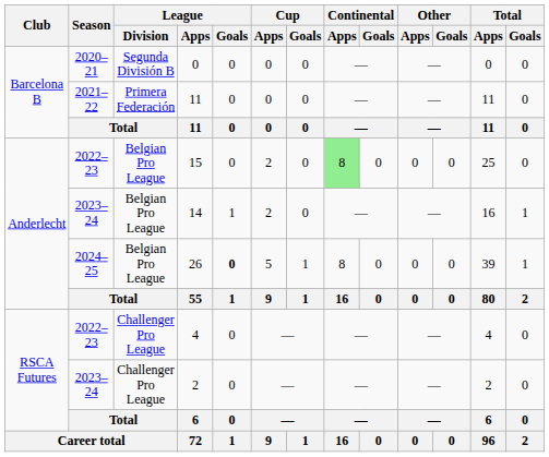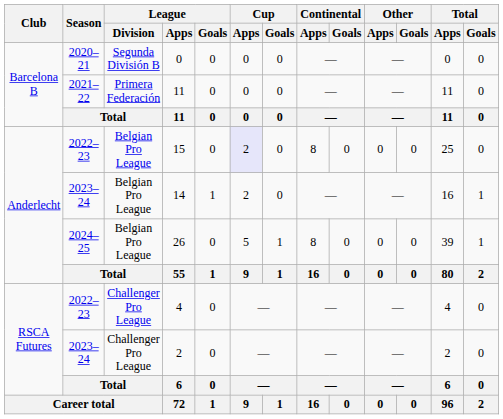 <table class="wikitable" style="text-align:center">
 <tr>
 <th rowspan="2">Club</th>
 <th rowspan="2">Season</th>
 <th colspan="3">League</th>
 <th colspan="2">Cup</th>
 <th colspan="2">Continental</th>
 <th colspan="2">Other</th>
 <th colspan="2">Total</th>
 </tr>
 <tr>
 <th>Division</th>
 <th>Apps</th>
 <th>Goals</th>
 <th>Apps</th>
 <th>Goals</th>
 <th>Apps</th>
 <th>Goals</th>
 <th>Apps</th>
 <th>Goals</th>
 <th>Apps</th>
 <th>Goals</th>
 </tr>
 <tr>
 <td rowspan="3"><a href='#'>Barcelona B</a></td>
 <td><a href='#'>2020–21</a></td>
 <td><a href='#'>Segunda División B</a></td>
 <td>0</td>
 <td>0</td>
 <td>0</td>
 <td>0</td>
 <td colspan="2">—</td>
 <td colspan="2">—</td>
 <td>0</td>
 <td>0</td>
 </tr>
 <tr>
 <td><a href='#'>2021–22</a></td>
 <td><a href='#'>Primera Federación</a></td>
 <td>11</td>
 <td>0</td>
 <td>0</td>
 <td>0</td>
 <td colspan="2">—</td>
 <td colspan="2">—</td>
 <td>11</td>
 <td>0</td>
 </tr>
 <tr>
 <th colspan="2">Total</th>
 <th>11</th>
 <th>0</th>
 <th>0</th>
 <th>0</th>
 <th colspan="2">—</th>
 <th colspan="2">—</th>
 <th>11</th>
 <th>0</th>
 </tr>
 <tr>
 <td rowspan="4"><a href='#'>Anderlecht</a></td>
 <td><a href='#'>2022–23</a></td>
 <td><a href='#'>Belgian Pro League</a></td>
 <td>15</td>
 <td>0</td>
-<td>2</td>
+<td style="background: lavender;">2</td>
 <td>0</td>
-<td style="background: lightgreen;">8</td>
+<td>8</td>
 <td>0</td>
 <td>0</td>
 <td>0</td>
 <td>25</td>
 <td>0</td>
 </tr>
 <tr>
 <td><a href='#'>2023–24</a></td>
 <td>Belgian Pro League</td>
 <td>14</td>
 <td>1</td>
 <td>2</td>
 <td>0</td>
 <td colspan="2">—</td>
 <td colspan="2">—</td>
 <td>16</td>
 <td>1</td>
 </tr>
 <tr>
 <td><a href='#'>2024–25</a></td>
 <td>Belgian Pro League</td>
 <td>26</td>
-<td><strong>0</strong></td>
+<td>0</td>
 <td>5</td>
 <td>1</td>
 <td>8</td>
 <td>0</td>
 <td>0</td>
 <td>0</td>
 <td>39</td>
 <td>1</td>
 </tr>
 <tr>
 <th colspan="2">Total</th>
 <th>55</th>
 <th>1</th>
 <th>9</th>
 <th>1</th>
 <th>16</th>
 <th>0</th>
 <th>0</th>
 <th>0</th>
 <th>80</th>
 <th>2</th>
 </tr>
 <tr>
 <td rowspan="3"><a href='#'>RSCA Futures</a></td>
 <td><a href='#'>2022–23</a></td>
 <td><a href='#'>Challenger Pro League</a></td>
 <td>4</td>
 <td>0</td>
 <td colspan="2">—</td>
 <td colspan="2">—</td>
 <td colspan="2">—</td>
 <td>4</td>
 <td>0</td>
 </tr>
 <tr>
 <td><a href='#'>2023–24</a></td>
 <td>Challenger Pro League</td>
 <td>2</td>
 <td>0</td>
 <td colspan="2">—</td>
 <td colspan="2">—</td>
 <td colspan="2">—</td>
 <td>2</td>
 <td>0</td>
 </tr>
 <tr>
 <th colspan="2">Total</th>
 <th>6</th>
 <th>0</th>
 <th colspan="2">—</th>
 <th colspan="2">—</th>
 <th colspan="2">—</th>
 <th>6</th>
 <th>0</th>
 </tr>
 <tr>
 <th colspan="3">Career total</th>
 <th>72</th>
 <th>1</th>
 <th>9</th>
 <th>1</th>
 <th>16</th>
 <th>0</th>
 <th>0</th>
 <th>0</th>
 <th>96</th>
 <th>2</th>
 </tr>
 </table>
